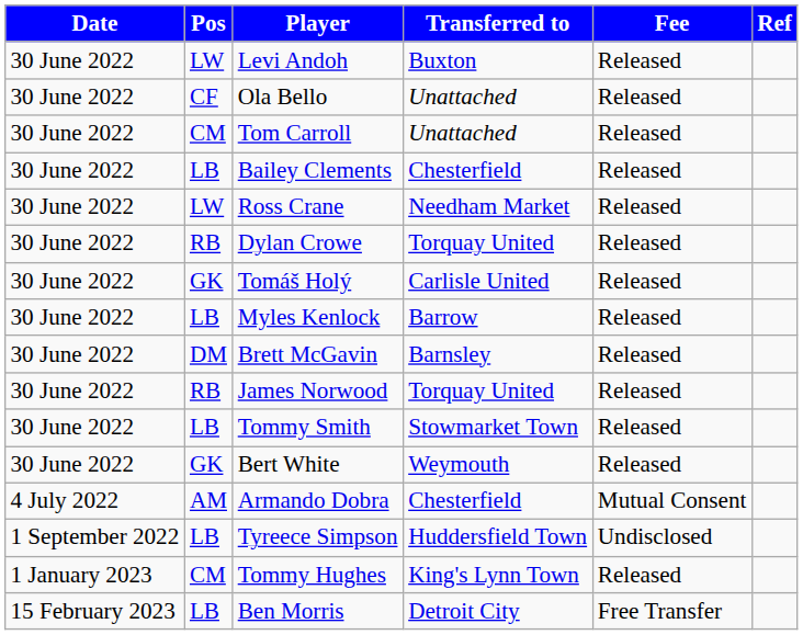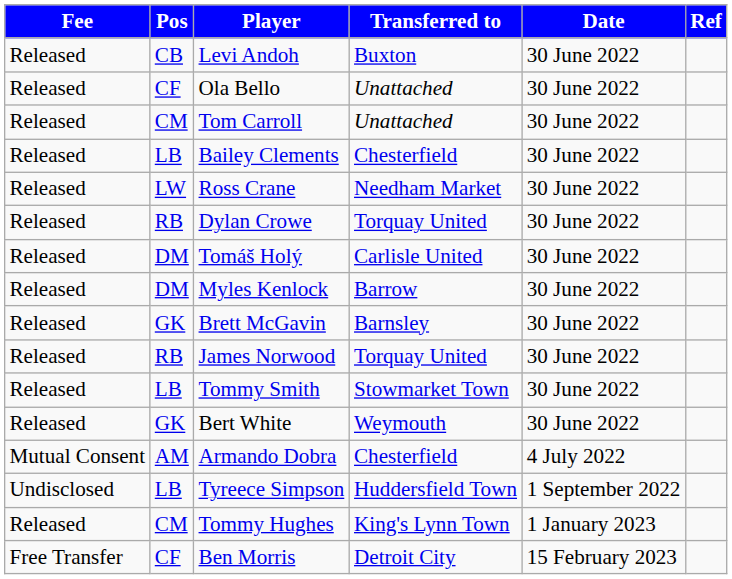 <table class="wikitable plainrowheaders sortable">
 <tr>
-<th style="background:#0000FF; color:#FFFFFF; ">Date</th>
+<th style="background:#0000FF; color:#FFFFFF; ">Fee</th>
 <th style="background:#0000FF; color:#FFFFFF; ">Pos</th>
 <th style="background:#0000FF; color:#FFFFFF; ">Player</th>
 <th style="background:#0000FF; color:#FFFFFF; ">Transferred to</th>
-<th style="background:#0000FF; color:#FFFFFF; ">Fee</th>
+<th style="background:#0000FF; color:#FFFFFF; ">Date</th>
 <th style="background:#0000FF; color:#FFFFFF; ">Ref</th>
 </tr>
 <tr>
-<td>30 June 2022</td>
-<td><a href='#'>LW</a></td>
+<td>Released</td>
+<td><a href='#'>CB</a></td>
 <td> <a href='#'>Levi Andoh</a></td>
 <td> <a href='#'>Buxton</a></td>
-<td>Released</td>
+<td>30 June 2022</td>
 <td></td>
 </tr>
 <tr>
-<td>30 June 2022</td>
+<td>Released</td>
 <td><a href='#'>CF</a></td>
 <td> Ola Bello</td>
 <td> <em>Unattached</em></td>
-<td>Released</td>
+<td>30 June 2022</td>
 <td></td>
 </tr>
 <tr>
-<td>30 June 2022</td>
+<td>Released</td>
 <td><a href='#'>CM</a></td>
 <td> <a href='#'>Tom Carroll</a></td>
 <td> <em>Unattached</em></td>
-<td>Released</td>
+<td>30 June 2022</td>
 <td></td>
 </tr>
 <tr>
-<td>30 June 2022</td>
+<td>Released</td>
 <td><a href='#'>LB</a></td>
 <td> <a href='#'>Bailey Clements</a></td>
 <td> <a href='#'>Chesterfield</a></td>
-<td>Released</td>
+<td>30 June 2022</td>
 <td></td>
 </tr>
 <tr>
-<td>30 June 2022</td>
+<td>Released</td>
 <td><a href='#'>LW</a></td>
 <td> <a href='#'>Ross Crane</a></td>
 <td> <a href='#'>Needham Market</a></td>
-<td>Released</td>
+<td>30 June 2022</td>
 <td></td>
 </tr>
 <tr>
-<td>30 June 2022</td>
+<td>Released</td>
 <td><a href='#'>RB</a></td>
 <td> <a href='#'>Dylan Crowe</a></td>
 <td> <a href='#'>Torquay United</a></td>
-<td>Released</td>
+<td>30 June 2022</td>
 <td></td>
 </tr>
 <tr>
-<td>30 June 2022</td>
-<td><a href='#'>GK</a></td>
+<td>Released</td>
+<td><a href='#'>DM</a></td>
 <td> <a href='#'>Tomáš Holý</a></td>
 <td> <a href='#'>Carlisle United</a></td>
-<td>Released</td>
+<td>30 June 2022</td>
 <td></td>
 </tr>
 <tr>
-<td>30 June 2022</td>
-<td><a href='#'>LB</a></td>
+<td>Released</td>
+<td><a href='#'>DM</a></td>
 <td> <a href='#'>Myles Kenlock</a></td>
 <td> <a href='#'>Barrow</a></td>
-<td>Released</td>
+<td>30 June 2022</td>
 <td></td>
 </tr>
 <tr>
-<td>30 June 2022</td>
-<td><a href='#'>DM</a></td>
+<td>Released</td>
+<td><a href='#'>GK</a></td>
 <td> <a href='#'>Brett McGavin</a></td>
 <td> <a href='#'>Barnsley</a></td>
-<td>Released</td>
+<td>30 June 2022</td>
 <td></td>
 </tr>
 <tr>
-<td>30 June 2022</td>
+<td>Released</td>
 <td><a href='#'>RB</a></td>
 <td> <a href='#'>James Norwood</a></td>
 <td> <a href='#'>Torquay United</a></td>
-<td>Released</td>
+<td>30 June 2022</td>
 <td></td>
 </tr>
 <tr>
-<td>30 June 2022</td>
+<td>Released</td>
 <td><a href='#'>LB</a></td>
 <td> <a href='#'>Tommy Smith</a></td>
 <td> <a href='#'>Stowmarket Town</a></td>
-<td>Released</td>
+<td>30 June 2022</td>
 <td></td>
 </tr>
 <tr>
-<td>30 June 2022</td>
+<td>Released</td>
 <td><a href='#'>GK</a></td>
 <td> Bert White</td>
 <td> <a href='#'>Weymouth</a></td>
-<td>Released</td>
+<td>30 June 2022</td>
 <td></td>
 </tr>
 <tr>
-<td>4 July 2022</td>
+<td>Mutual Consent</td>
 <td><a href='#'>AM</a></td>
 <td> <a href='#'>Armando Dobra</a></td>
 <td> <a href='#'>Chesterfield</a></td>
-<td>Mutual Consent</td>
+<td>4 July 2022</td>
 <td></td>
 </tr>
 <tr>
-<td>1 September 2022</td>
+<td>Undisclosed</td>
 <td><a href='#'>LB</a></td>
 <td> <a href='#'>Tyreece Simpson</a></td>
 <td> <a href='#'>Huddersfield Town</a></td>
-<td>Undisclosed</td>
+<td>1 September 2022</td>
 <td></td>
 </tr>
 <tr>
-<td>1 January 2023</td>
+<td>Released</td>
 <td><a href='#'>CM</a></td>
 <td> <a href='#'>Tommy Hughes</a></td>
 <td> <a href='#'>King's Lynn Town</a></td>
-<td>Released</td>
+<td>1 January 2023</td>
 <td></td>
 </tr>
 <tr>
-<td>15 February 2023</td>
-<td><a href='#'>LB</a></td>
+<td>Free Transfer</td>
+<td><a href='#'>CF</a></td>
 <td> <a href='#'>Ben Morris</a></td>
 <td> <a href='#'>Detroit City</a></td>
-<td>Free Transfer</td>
+<td>15 February 2023</td>
 <td></td>
 </tr>
 </table>
